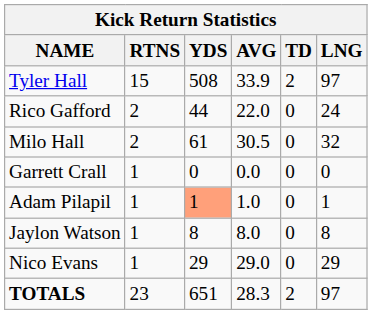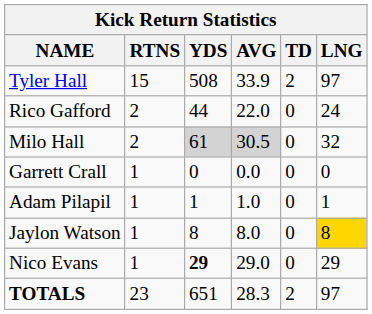 <table class="wikitable sortable collapsible collapsed">
 <tr>
 <th colspan="8">Kick Return Statistics</th>
 </tr>
 <tr>
 <th>NAME</th>
 <th>RTNS</th>
 <th>YDS</th>
 <th>AVG</th>
 <th>TD</th>
 <th>LNG</th>
 </tr>
 <tr>
 <td><a href='#'>Tyler Hall</a></td>
 <td>15</td>
 <td>508</td>
 <td>33.9</td>
 <td>2</td>
 <td>97</td>
 </tr>
 <tr>
 <td>Rico Gafford</td>
 <td>2</td>
 <td>44</td>
 <td>22.0</td>
 <td>0</td>
 <td>24</td>
 </tr>
 <tr>
 <td>Milo Hall</td>
 <td>2</td>
-<td>61</td>
-<td>30.5</td>
+<td style="background: lightgrey;">61</td>
+<td style="background: lightgrey;">30.5</td>
 <td>0</td>
 <td>32</td>
 </tr>
 <tr>
 <td>Garrett Crall</td>
 <td>1</td>
 <td>0</td>
 <td>0.0</td>
 <td>0</td>
 <td>0</td>
 </tr>
 <tr>
 <td>Adam Pilapil</td>
 <td>1</td>
-<td style="background: lightsalmon;">1</td>
+<td>1</td>
 <td>1.0</td>
 <td>0</td>
 <td>1</td>
 </tr>
 <tr>
 <td>Jaylon Watson</td>
 <td>1</td>
 <td>8</td>
 <td>8.0</td>
 <td>0</td>
-<td>8</td>
+<td style="background: gold;">8</td>
 </tr>
 <tr>
 <td>Nico Evans</td>
 <td>1</td>
-<td>29</td>
+<td><strong>29</strong></td>
 <td>29.0</td>
 <td>0</td>
 <td>29</td>
 </tr>
 <tr>
 <td><strong>TOTALS</strong></td>
 <td>23</td>
 <td>651</td>
 <td>28.3</td>
 <td>2</td>
 <td>97</td>
 </tr>
 </table>
